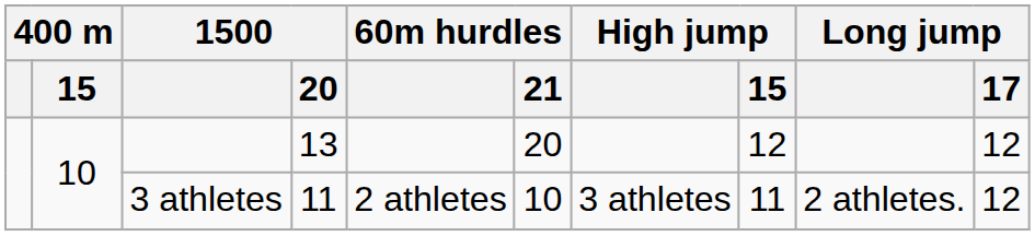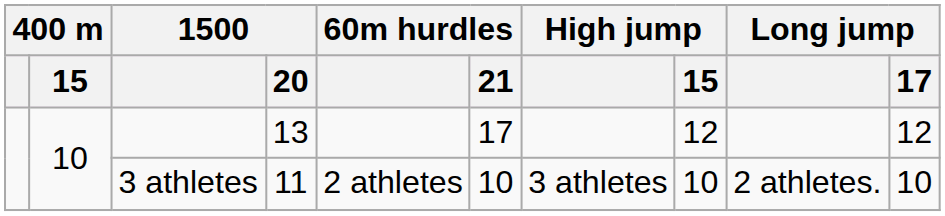 <table class="wikitable">
 <tr>
 <th colspan="2">400 m</th>
 <th colspan="2">1500</th>
 <th colspan="2">60m hurdles</th>
 <th colspan="2">High jump</th>
 <th colspan="2">Long jump</th>
 </tr>
 <tr bgcolor="#ffddff">
 <th></th>
 <th>15</th>
 <th></th>
 <th>20</th>
 <th></th>
 <th>21</th>
 <th></th>
 <th>15</th>
 <th></th>
 <th>17</th>
 </tr>
 <tr align="center">
 <td rowspan=2><br></td>
 <td rowspan=2>10</td>
 <td></td>
 <td>13</td>
 <td></td>
-<td>20</td>
+<td>17</td>
 <td></td>
 <td>12</td>
 <td></td>
 <td>12</td>
 </tr>
 <tr align="center">
 <td>3 athletes </td>
 <td>11</td>
 <td>2 athletes </td>
 <td>10</td>
 <td>3 athletes </td>
-<td>11</td>
+<td>10</td>
 <td>2 athletes.</td>
-<td>12</td>
+<td>10</td>
 </tr>
 </table>
